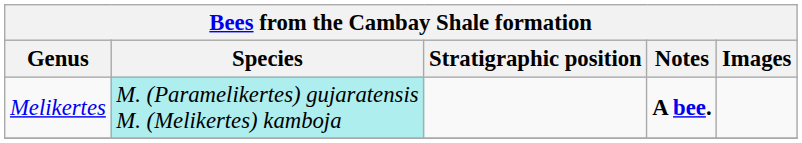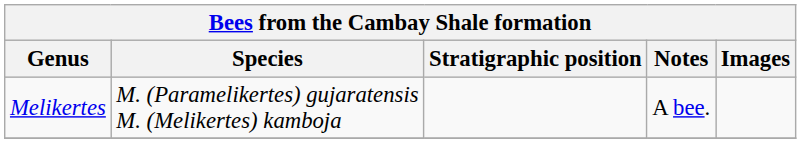 <table class="wikitable" align="center">
 <tr>
 <th colspan="7" align="center"><strong><a href='#'>Bees</a> from the Cambay Shale formation</strong></th>
 </tr>
 <tr>
 <th>Genus</th>
 <th>Species</th>
 <th>Stratigraphic position</th>
 <th>Notes</th>
 <th>Images</th>
 </tr>
 <tr>
 <td><em><a href='#'>Melikertes</a></em></td>
-<td style="background: paleturquoise;"><em>M. (Paramelikertes) gujaratensis<br>M. (Melikertes) kamboja</em></td>
+<td><em>M. (Paramelikertes) gujaratensis<br>M. (Melikertes) kamboja</em></td>
 <td></td>
-<td><strong>A <a href='#'>bee</a>.</strong></td>
+<td>A <a href='#'>bee</a>.</td>
 <td></td>
 </tr>
 <tr>
 </tr>
 </table>
